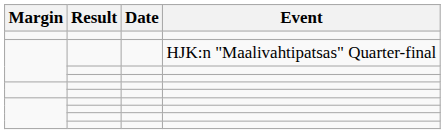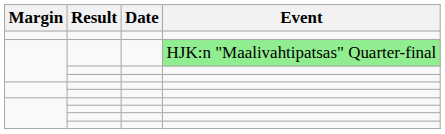 <table class="wikitable">
 <tr>
 <th>Margin</th>
 <th>Result</th>
 <th>Date</th>
 <th>Event</th>
 </tr>
 <tr>
 <td></td>
 <td></td>
 <td></td>
 <td></td>
 </tr>
 <tr>
 <td rowspan="3"></td>
 <td></td>
 <td></td>
-<td style="text-align:center;">HJK:n  "Maalivahtipatsas" Quarter-final</td>
+<td style="background: lightgreen; text-align:center;">HJK:n  "Maalivahtipatsas" Quarter-final</td>
 </tr>
 <tr>
 <td></td>
 <td></td>
 <td></td>
 </tr>
 <tr>
 <td></td>
 <td></td>
 <td></td>
 </tr>
 <tr>
 <td rowspan="2"></td>
 <td></td>
 <td></td>
 <td></td>
 </tr>
 <tr>
 <td></td>
 <td></td>
 <td></td>
 </tr>
 <tr>
 <td rowspan="4"></td>
 <td></td>
 <td></td>
 <td></td>
 </tr>
 <tr>
 <td></td>
 <td></td>
 <td></td>
 </tr>
 <tr>
 <td></td>
 <td></td>
 <td></td>
 </tr>
 <tr>
 <td></td>
 <td></td>
 <td></td>
 </tr>
 </table>
